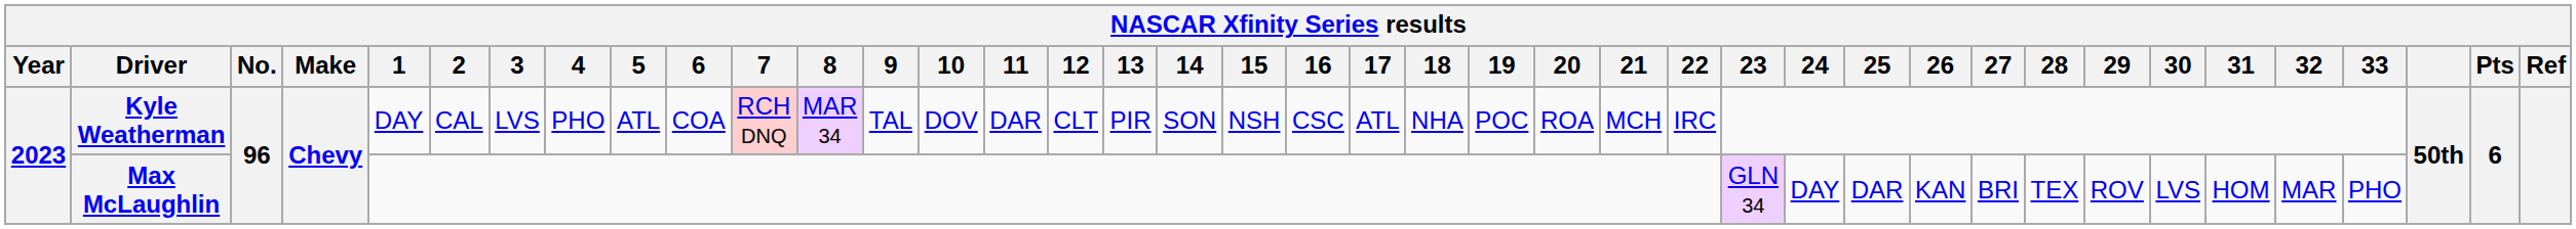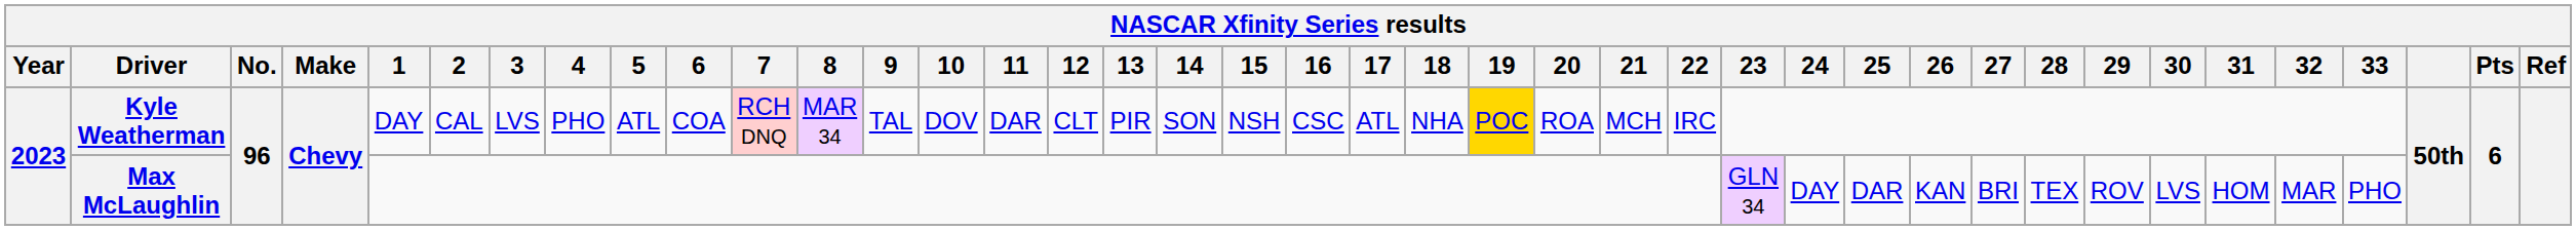 <table class="wikitable" style="text-align:center; font-size:75%">
 <tr>
 <th colspan="42"><a href='#'>NASCAR Xfinity Series</a> results</th>
 </tr>
 <tr>
 <th>Year</th>
 <th>Driver</th>
 <th>No.</th>
 <th>Make</th>
 <th>1</th>
 <th>2</th>
 <th>3</th>
 <th>4</th>
 <th>5</th>
 <th>6</th>
 <th>7</th>
 <th>8</th>
 <th>9</th>
 <th>10</th>
 <th>11</th>
 <th>12</th>
 <th>13</th>
 <th>14</th>
 <th>15</th>
 <th>16</th>
 <th>17</th>
 <th>18</th>
 <th>19</th>
 <th>20</th>
 <th>21</th>
 <th>22</th>
 <th>23</th>
 <th>24</th>
 <th>25</th>
 <th>26</th>
 <th>27</th>
 <th>28</th>
 <th>29</th>
 <th>30</th>
 <th>31</th>
 <th>32</th>
 <th>33</th>
 <th></th>
 <th>Pts</th>
 <th>Ref</th>
 </tr>
 <tr>
 <th rowspan="2"><a href='#'>2023</a></th>
 <th><a href='#'>Kyle Weatherman</a></th>
 <th rowspan="2">96</th>
 <th rowspan="2"><a href='#'>Chevy</a></th>
 <td><a href='#'>DAY</a></td>
 <td><a href='#'>CAL</a></td>
 <td><a href='#'>LVS</a></td>
 <td><a href='#'>PHO</a></td>
 <td><a href='#'>ATL</a></td>
 <td><a href='#'>COA</a></td>
 <td style="background:#FFCFCF;"><a href='#'>RCH</a><small><br>DNQ</small></td>
 <td style="background:#EFCFFF;"><a href='#'>MAR</a><br><small>34</small></td>
 <td><a href='#'>TAL</a></td>
 <td><a href='#'>DOV</a></td>
 <td><a href='#'>DAR</a></td>
 <td><a href='#'>CLT</a></td>
 <td><a href='#'>PIR</a></td>
 <td><a href='#'>SON</a></td>
 <td><a href='#'>NSH</a></td>
 <td><a href='#'>CSC</a></td>
 <td><a href='#'>ATL</a></td>
 <td><a href='#'>NHA</a></td>
-<td><a href='#'>POC</a></td>
+<td style="background: gold;"><a href='#'>POC</a></td>
 <td><a href='#'>ROA</a></td>
 <td><a href='#'>MCH</a></td>
 <td><a href='#'>IRC</a></td>
 <td colspan="11"></td>
 <th rowspan="2">50th</th>
 <th rowspan="2">6</th>
 <th rowspan="2"></th>
 </tr>
 <tr>
 <th><a href='#'>Max McLaughlin</a></th>
 <td colspan="22"></td>
 <td style="background:#EFCFFF;"><a href='#'>GLN</a><br><small>34</small></td>
 <td><a href='#'>DAY</a></td>
 <td><a href='#'>DAR</a></td>
 <td><a href='#'>KAN</a></td>
 <td><a href='#'>BRI</a></td>
 <td><a href='#'>TEX</a></td>
 <td><a href='#'>ROV</a></td>
 <td><a href='#'>LVS</a></td>
 <td><a href='#'>HOM</a></td>
 <td><a href='#'>MAR</a></td>
 <td><a href='#'>PHO</a></td>
 </tr>
 </table>
